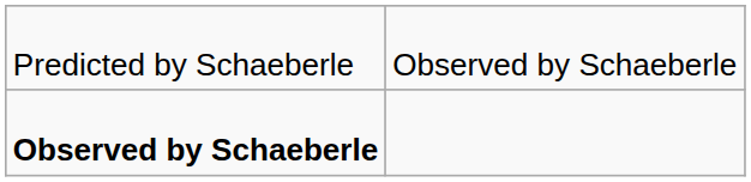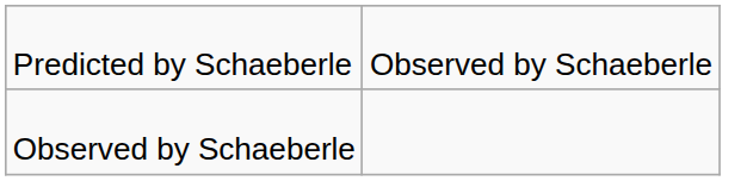 <table class=wikitable>
 <tr>
 <td><br>Predicted by Schaeberle</td>
 <td><br>Observed by Schaeberle</td>
 </tr>
 <tr>
-<td><strong><br>Observed by Schaeberle</strong></td>
+<td><br>Observed by Schaeberle</td>
 </tr>
 </table>
